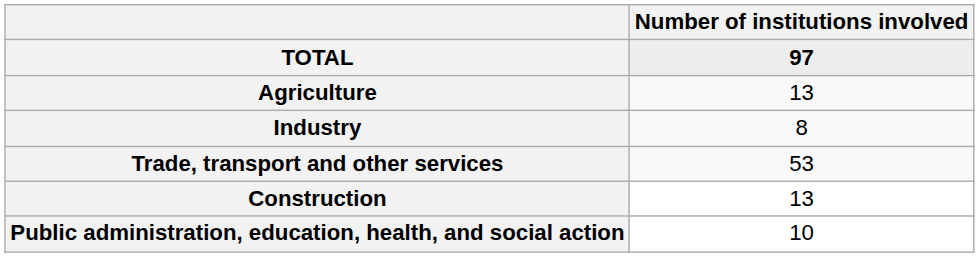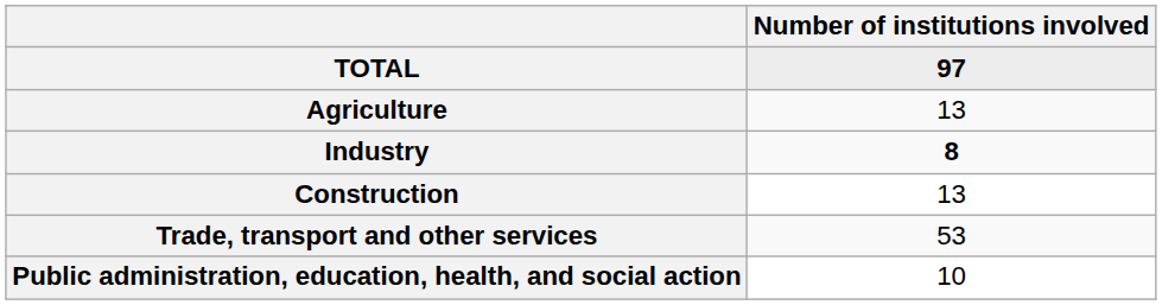 <table class="wikitable" style="margin: 1em auto 1em auto; text-align:center; align:center;">
 <tr style="background: #DDFFDD;">
 <th></th>
 <th>Number of institutions involved</th>
 </tr>
 <tr style="background: #EDEDED;">
 <th scope="row">TOTAL</th>
 <td><strong>97</strong></td>
 </tr>
 <tr>
 <th scope="row">Agriculture</th>
 <td>13</td>
 </tr>
 <tr>
 <th scope="row">Industry</th>
-<td>8</td>
+<td><strong>8</strong></td>
+</tr>
+<tr style="background: #FFFFFF;">
+<th scope="row">Construction</th>
+<td>13</td>
 </tr>
 <tr>
 <th scope="row">Trade, transport and other services</th>
 <td>53</td>
 </tr>
 <tr style="background: #FFFFFF;">
-<th scope="row">Construction</th>
-<td>13</td>
-</tr>
-<tr style="background: #FFFFFF;">
 <th scope="row">Public administration, education, health, and social action</th>
 <td>10</td>
 </tr>
 </table>
